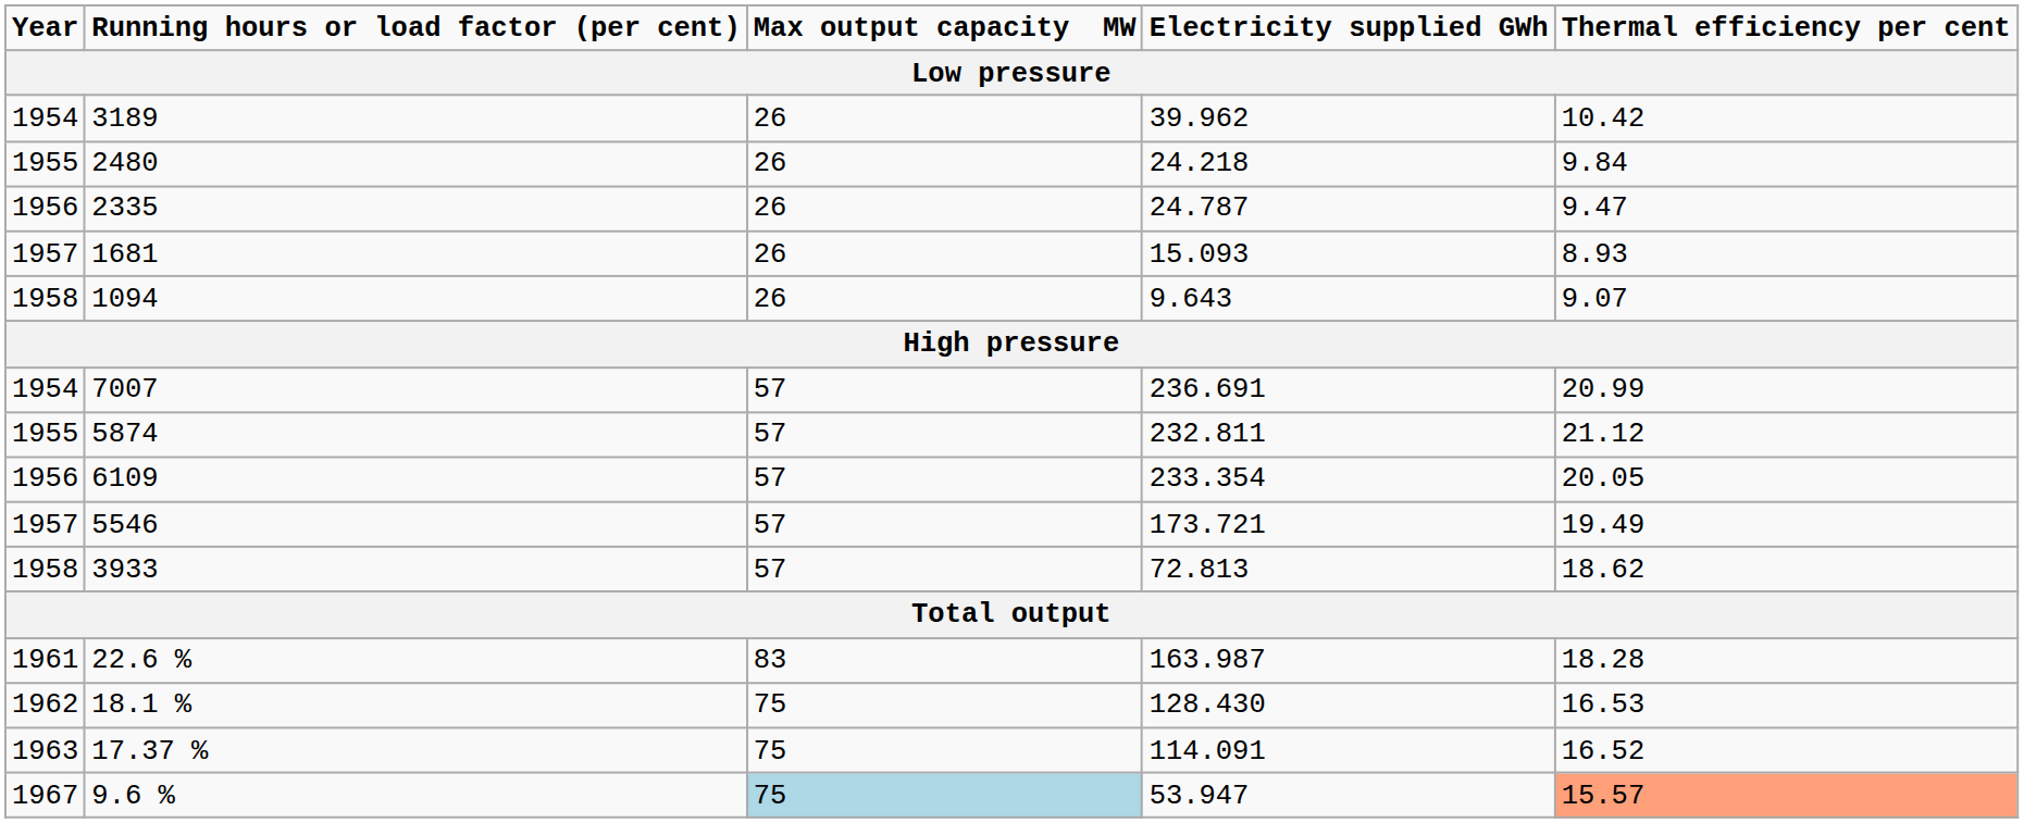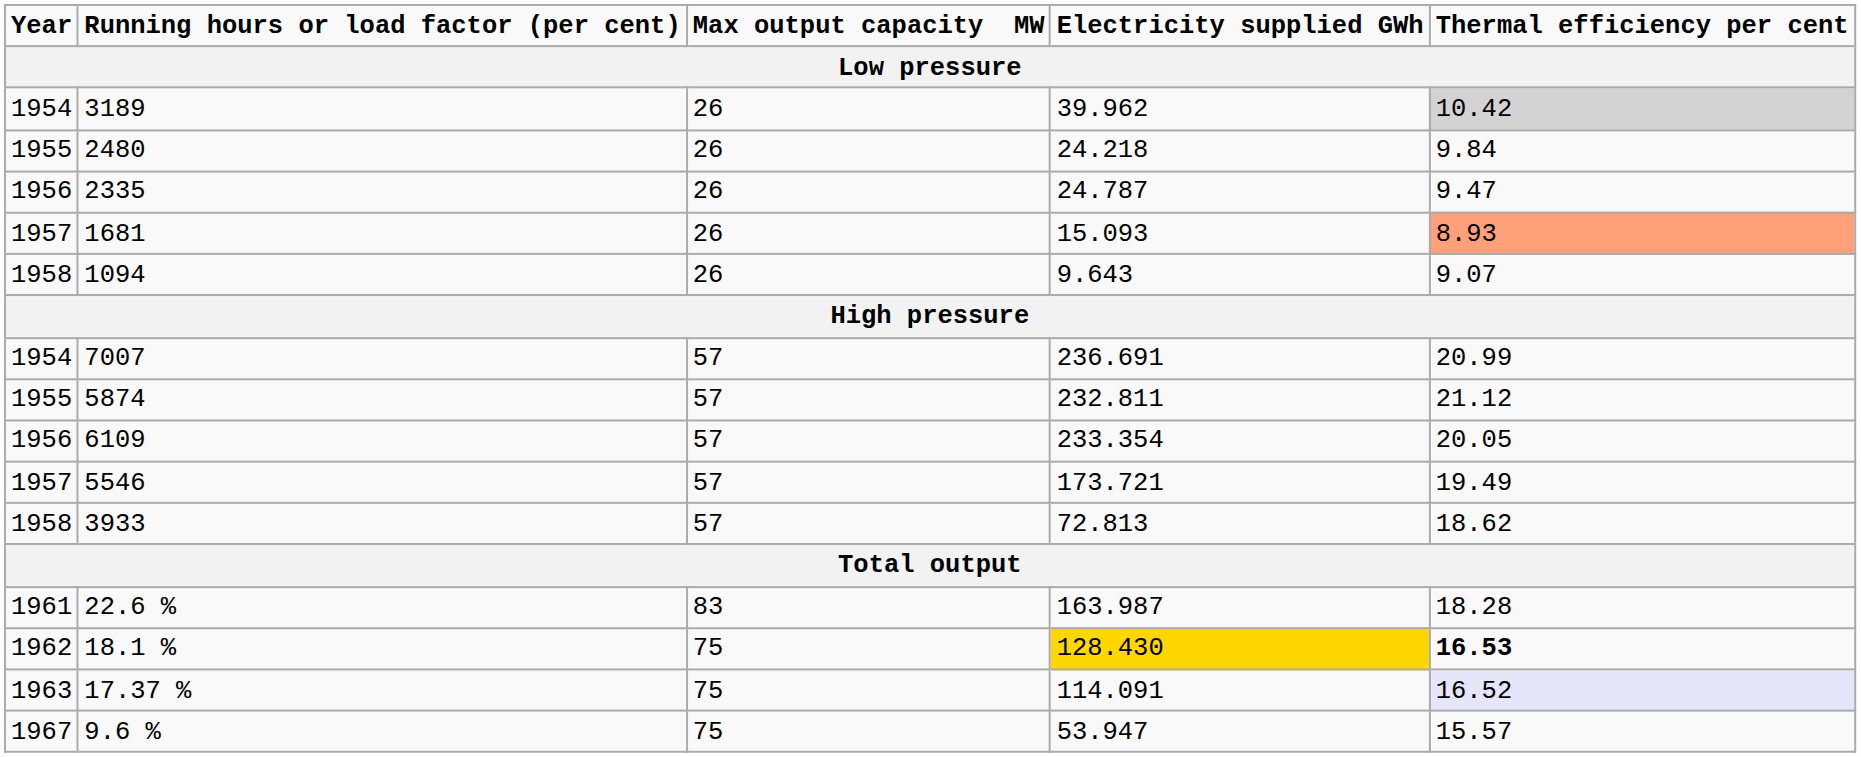 <table class="wikitable">
 <tr>
 <td><strong>Year</strong></td>
 <td><strong>Running hours or load factor (per cent)</strong></td>
 <td><strong>Max output capacity  MW</strong></td>
 <td><strong>Electricity supplied GWh</strong></td>
 <td><strong>Thermal efficiency per cent</strong></td>
 </tr>
 <tr>
 <th colspan="5">Low pressure</th>
 </tr>
 <tr>
 <td>1954</td>
 <td>3189</td>
 <td>26</td>
 <td>39.962</td>
-<td>10.42</td>
+<td style="background: lightgrey;">10.42</td>
 </tr>
 <tr>
 <td>1955</td>
 <td>2480</td>
 <td>26</td>
 <td>24.218</td>
 <td>9.84</td>
 </tr>
 <tr>
 <td>1956</td>
 <td>2335</td>
 <td>26</td>
 <td>24.787</td>
 <td>9.47</td>
 </tr>
 <tr>
 <td>1957</td>
 <td>1681</td>
 <td>26</td>
 <td>15.093</td>
-<td>8.93</td>
+<td style="background: lightsalmon;">8.93</td>
 </tr>
 <tr>
 <td>1958</td>
 <td>1094</td>
 <td>26</td>
 <td>9.643</td>
 <td>9.07</td>
 </tr>
 <tr>
 <th colspan="5">High pressure</th>
 </tr>
 <tr>
 <td>1954</td>
 <td>7007</td>
 <td>57</td>
 <td>236.691</td>
 <td>20.99</td>
 </tr>
 <tr>
 <td>1955</td>
 <td>5874</td>
 <td>57</td>
 <td>232.811</td>
 <td>21.12</td>
 </tr>
 <tr>
 <td>1956</td>
 <td>6109</td>
 <td>57</td>
 <td>233.354</td>
 <td>20.05</td>
 </tr>
 <tr>
 <td>1957</td>
 <td>5546</td>
 <td>57</td>
 <td>173.721</td>
 <td>19.49</td>
 </tr>
 <tr>
 <td>1958</td>
 <td>3933</td>
 <td>57</td>
 <td>72.813</td>
 <td>18.62</td>
 </tr>
 <tr>
 <th colspan="5">Total output</th>
 </tr>
 <tr>
 <td>1961</td>
 <td>22.6 %</td>
 <td>83</td>
 <td>163.987</td>
 <td>18.28</td>
 </tr>
 <tr>
 <td>1962</td>
 <td>18.1 %</td>
 <td>75</td>
-<td>128.430</td>
-<td>16.53</td>
+<td style="background: gold;">128.430</td>
+<td><strong>16.53</strong></td>
 </tr>
 <tr>
 <td>1963</td>
 <td>17.37 %</td>
 <td>75</td>
 <td>114.091</td>
-<td>16.52</td>
+<td style="background: lavender;">16.52</td>
 </tr>
 <tr>
 <td>1967</td>
 <td>9.6 %</td>
-<td style="background: lightblue;">75</td>
+<td>75</td>
 <td>53.947</td>
-<td style="background: lightsalmon;">15.57</td>
+<td>15.57</td>
 </tr>
 </table>
